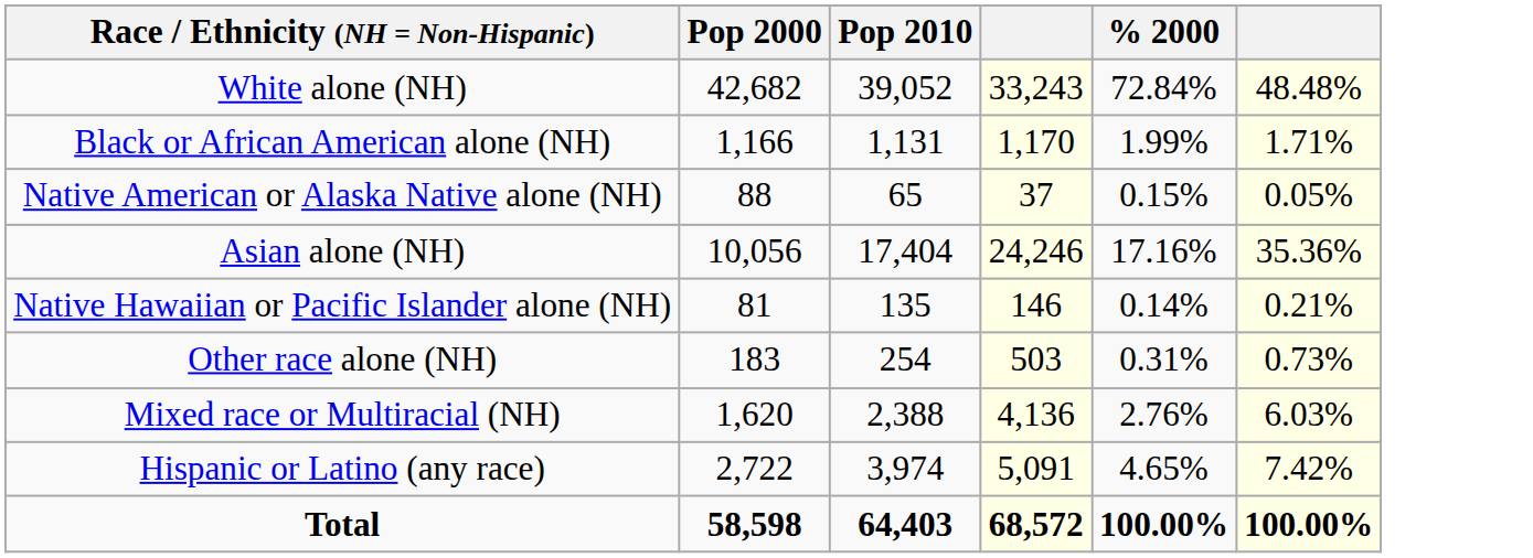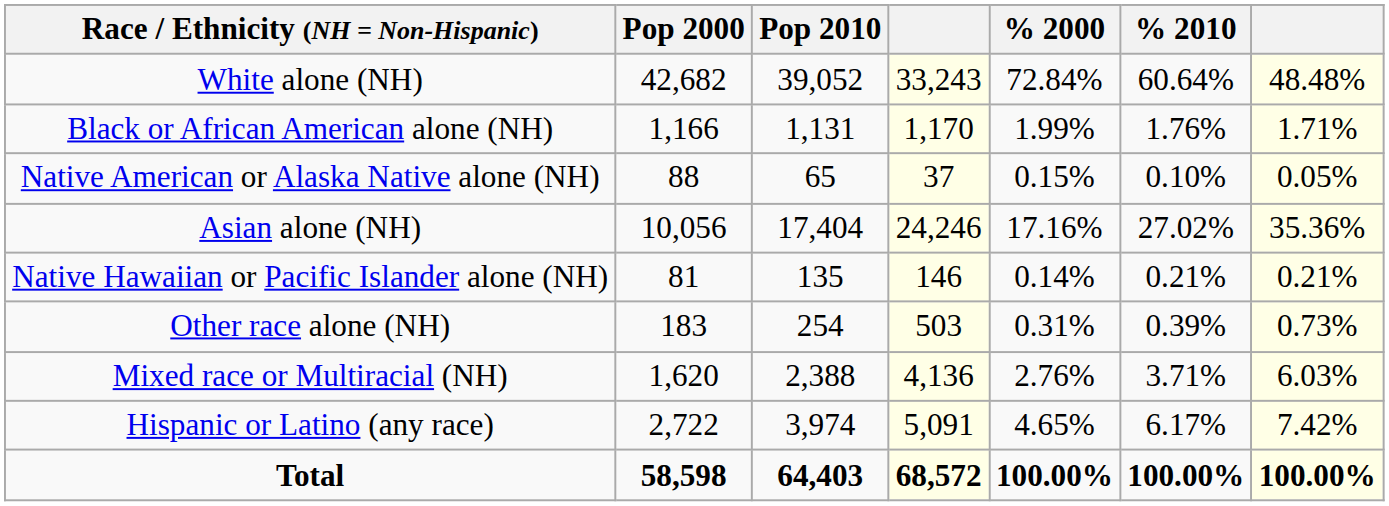 <table class="wikitable" style="text-align:center;">
 <tr>
 <th>Race / Ethnicity <small>(<em>NH = Non-Hispanic</em>)</small></th>
 <th>Pop 2000</th>
 <th>Pop 2010</th>
 <th></th>
 <th>% 2000</th>
+<th>% 2010</th>
 <th></th>
 </tr>
 <tr>
 <td><a href='#'>White</a> alone (NH)</td>
 <td>42,682</td>
 <td>39,052</td>
 <td style='background: #ffffe6;'>33,243</td>
 <td>72.84%</td>
+<td>60.64%</td>
 <td style='background: #ffffe6;'>48.48%</td>
 </tr>
 <tr>
 <td><a href='#'>Black or African American</a> alone (NH)</td>
 <td>1,166</td>
 <td>1,131</td>
 <td style='background: #ffffe6;'>1,170</td>
 <td>1.99%</td>
+<td>1.76%</td>
 <td style='background: #ffffe6;'>1.71%</td>
 </tr>
 <tr>
 <td><a href='#'>Native American</a> or <a href='#'>Alaska Native</a> alone (NH)</td>
 <td>88</td>
 <td>65</td>
 <td style='background: #ffffe6;'>37</td>
 <td>0.15%</td>
+<td>0.10%</td>
 <td style='background: #ffffe6;'>0.05%</td>
 </tr>
 <tr>
 <td><a href='#'>Asian</a> alone (NH)</td>
 <td>10,056</td>
 <td>17,404</td>
 <td style='background: #ffffe6;'>24,246</td>
 <td>17.16%</td>
+<td>27.02%</td>
 <td style='background: #ffffe6;'>35.36%</td>
 </tr>
 <tr>
 <td><a href='#'>Native Hawaiian</a> or <a href='#'>Pacific Islander</a> alone (NH)</td>
 <td>81</td>
 <td>135</td>
 <td style='background: #ffffe6;'>146</td>
 <td>0.14%</td>
+<td>0.21%</td>
 <td style='background: #ffffe6;'>0.21%</td>
 </tr>
 <tr>
 <td><a href='#'>Other race</a> alone (NH)</td>
 <td>183</td>
 <td>254</td>
 <td style='background: #ffffe6;'>503</td>
 <td>0.31%</td>
+<td>0.39%</td>
 <td style='background: #ffffe6;'>0.73%</td>
 </tr>
 <tr>
 <td><a href='#'>Mixed race or Multiracial</a> (NH)</td>
 <td>1,620</td>
 <td>2,388</td>
 <td style='background: #ffffe6;'>4,136</td>
 <td>2.76%</td>
+<td>3.71%</td>
 <td style='background: #ffffe6;'>6.03%</td>
 </tr>
 <tr>
 <td><a href='#'>Hispanic or Latino</a> (any race)</td>
 <td>2,722</td>
 <td>3,974</td>
 <td style='background: #ffffe6;'>5,091</td>
 <td>4.65%</td>
+<td>6.17%</td>
 <td style='background: #ffffe6;'>7.42%</td>
 </tr>
 <tr>
 <td><strong>Total</strong></td>
 <td><strong>58,598</strong></td>
 <td><strong>64,403</strong></td>
 <td style='background: #ffffe6;'><strong>68,572</strong></td>
 <td><strong>100.00%</strong></td>
+<td><strong>100.00%</strong></td>
 <td style='background: #ffffe6;'><strong>100.00%</strong></td>
 </tr>
 </table>
